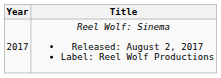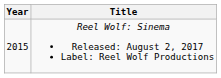 <table class="wikitable" style="text-align:center;">
 <tr>
 <th>Year</th>
 <th>Title</th>
 </tr>
 <tr>
-<td>2017</td>
+<td>2015</td>
 <td><em>Reel Wolf: Sinema</em><br><ul><li>Released: August 2, 2017</li><li>Label: Reel Wolf Productions</li></ul></td>
 </tr>
 </table>
